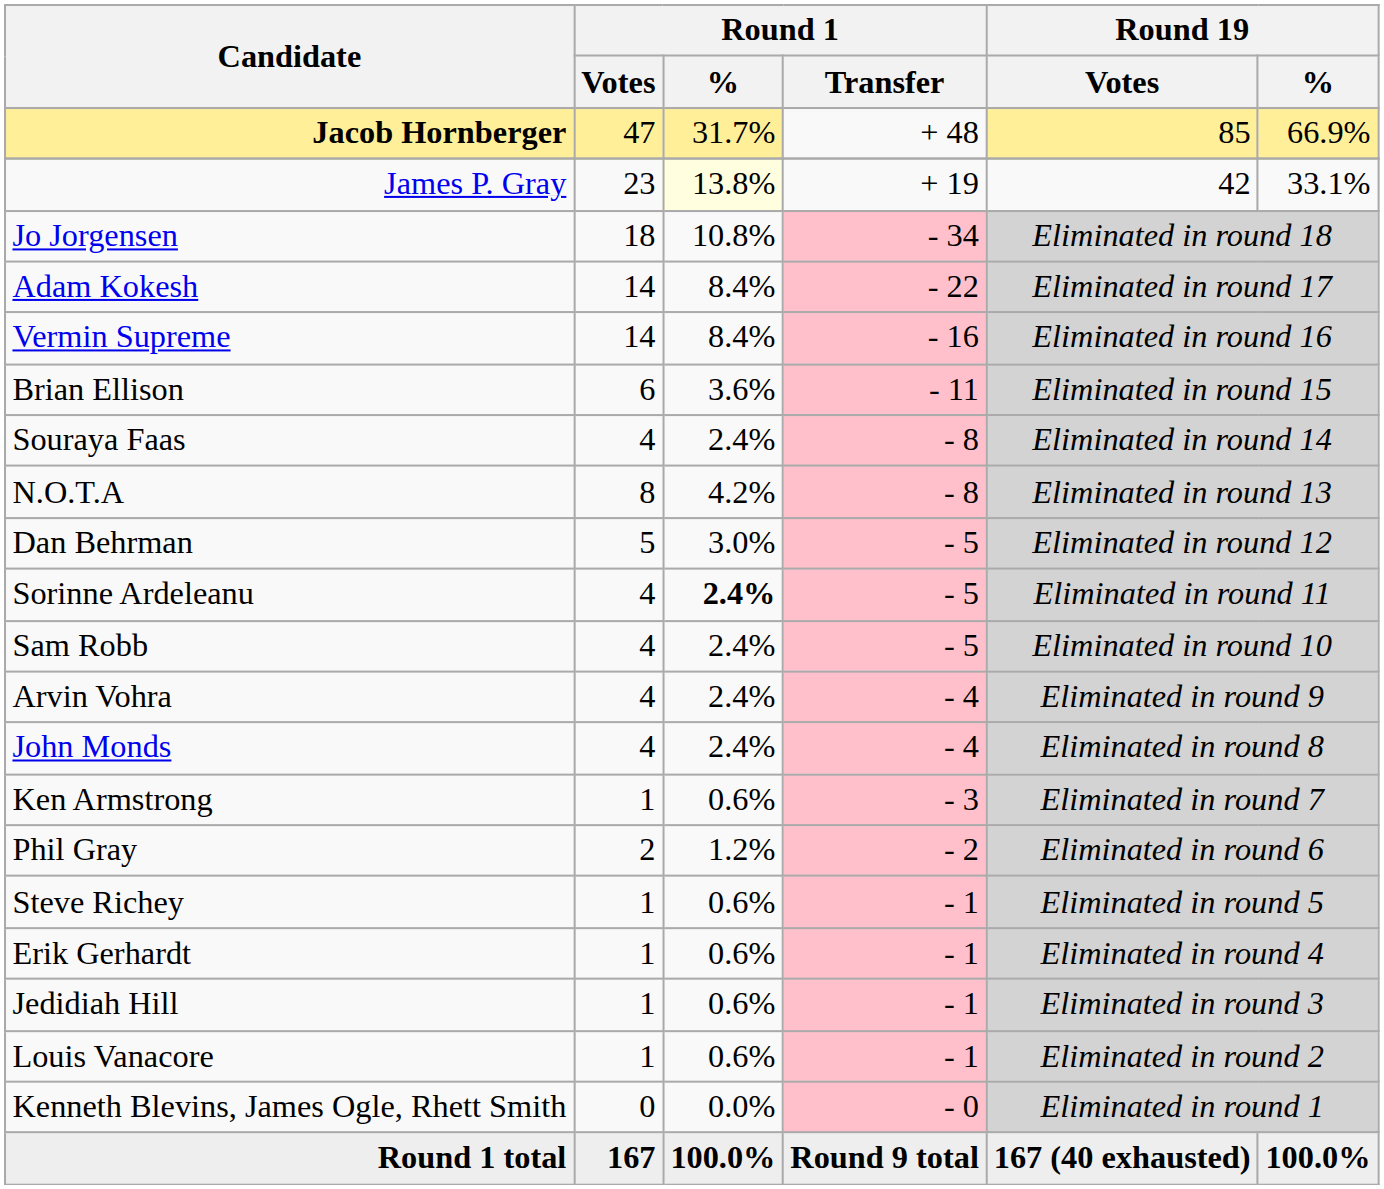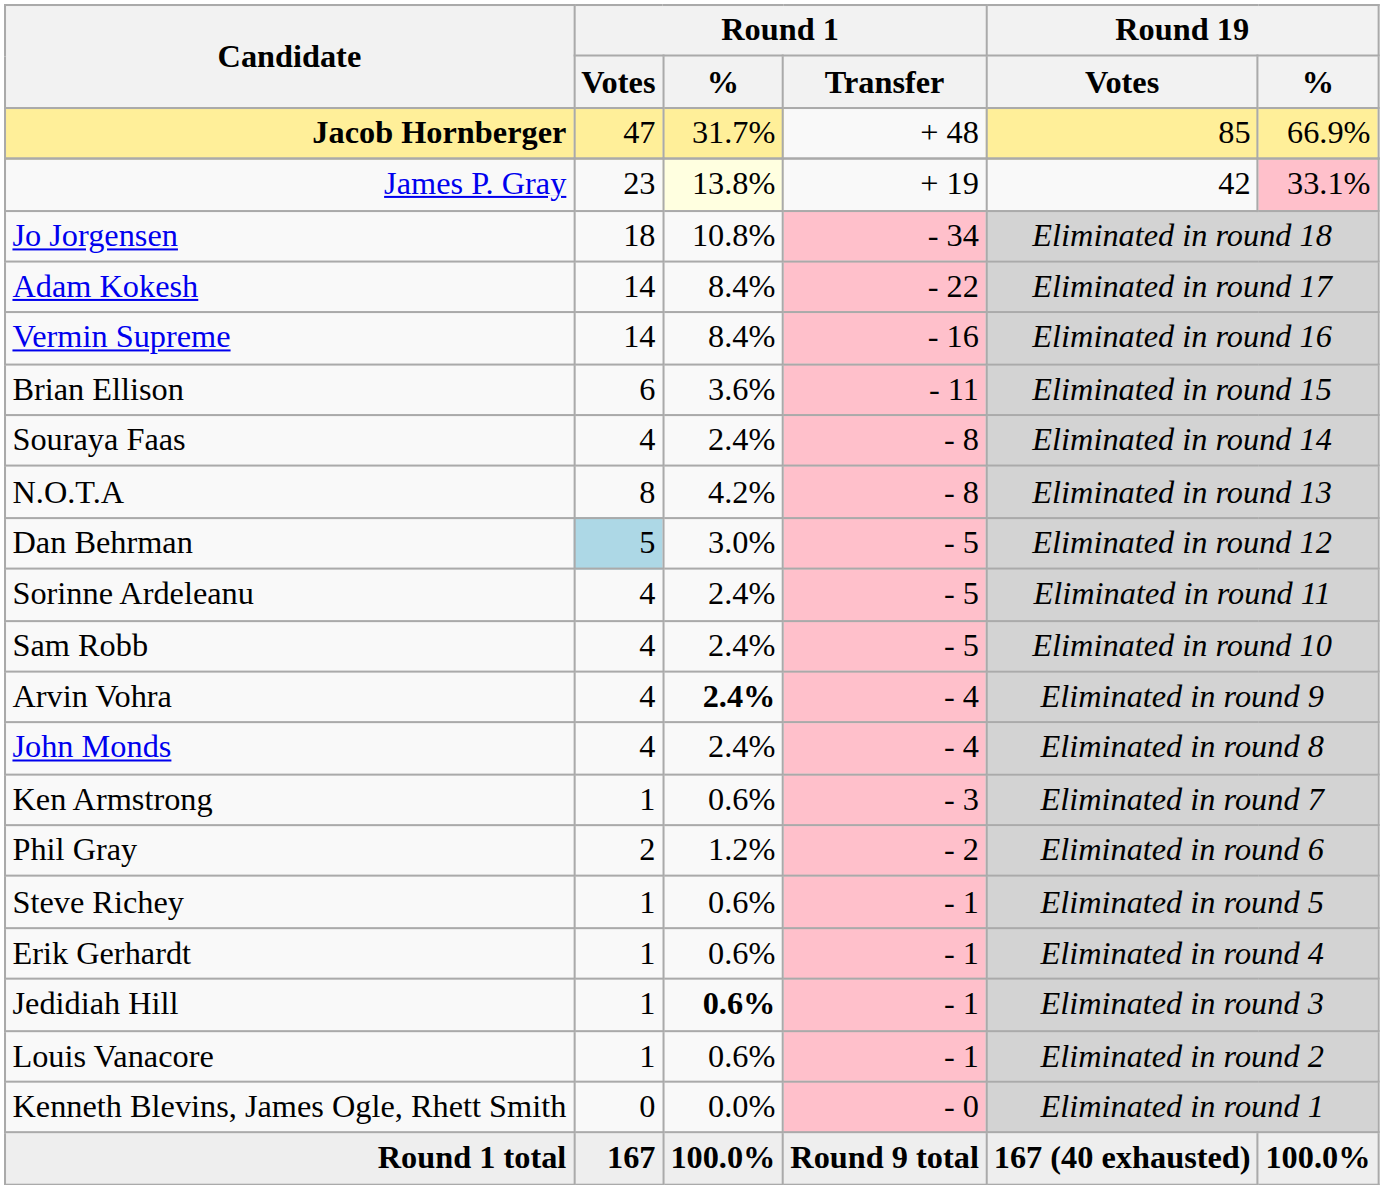 <table class="wikitable" style="text-align:right;">
 <tr>
 <th rowspan="2">Candidate</th>
 <th colspan="3">Round 1</th>
 <th colspan="3">Round 19</th>
 </tr>
 <tr>
 <th>Votes</th>
 <th>%</th>
 <th>Transfer</th>
 <th>Votes</th>
 <th>%</th>
 </tr>
 <tr>
 <td style="background:#ffef99;"><strong>Jacob Hornberger</strong></td>
 <td style="background:#ffef99;">47</td>
 <td style="background:#ffef99;">31.7%</td>
 <td>+ 48</td>
 <td style="background:#ffef99;">85</td>
 <td style="background:#ffef99;">66.9%</td>
 </tr>
 <tr>
 </tr>
 <tr>
 <td><a href='#'>James P. Gray</a></td>
 <td>23</td>
 <td style="background: lightyellow;">13.8%</td>
 <td>+ 19</td>
 <td>42</td>
-<td>33.1%</td>
+<td style="background: pink;">33.1%</td>
 </tr>
 <tr>
 <td style="text-align:left;"><a href='#'>Jo Jorgensen</a></td>
 <td>18</td>
 <td>10.8%</td>
 <td BGCOLOR=pink>- 34</td>
 <td colspan="8" bgcolor="lightgray" align="center"><em>Eliminated in round 18</em></td>
 </tr>
 <tr>
 <td style="text-align:left;"><a href='#'>Adam Kokesh</a></td>
 <td>14</td>
 <td>8.4%</td>
 <td BGCOLOR=pink>- 22</td>
 <td colspan="8" bgcolor="lightgray" align="center"><em>Eliminated in round 17</em></td>
 </tr>
 <tr>
 <td style="text-align:left;"><a href='#'>Vermin Supreme</a></td>
 <td>14</td>
 <td>8.4%</td>
 <td BGCOLOR=pink>- 16</td>
 <td colspan="8" bgcolor="lightgray" align="center"><em>Eliminated in round 16</em></td>
 </tr>
 <tr>
 <td style="text-align:left;">Brian Ellison</td>
 <td>6</td>
 <td>3.6%</td>
 <td BGCOLOR=pink>- 11</td>
 <td colspan="8" bgcolor="lightgray" align="center"><em>Eliminated in round 15</em></td>
 </tr>
 <tr>
 <td style="text-align:left;">Souraya Faas</td>
 <td>4</td>
 <td>2.4%</td>
 <td BGCOLOR=pink>- 8</td>
 <td colspan="8" bgcolor="lightgray" align="center"><em>Eliminated in round 14</em></td>
 </tr>
 <tr>
 <td style="text-align:left;">N.O.T.A</td>
 <td>8</td>
 <td>4.2%</td>
 <td BGCOLOR=pink>- 8</td>
 <td colspan="8" bgcolor="lightgray" align="center"><em>Eliminated in round 13</em></td>
 </tr>
 <tr>
 <td style="text-align:left;">Dan Behrman</td>
-<td>5</td>
+<td style="background: lightblue;">5</td>
 <td>3.0%</td>
 <td BGCOLOR=pink>- 5</td>
 <td colspan="8" bgcolor="lightgray" align="center"><em>Eliminated in round 12</em></td>
 </tr>
 <tr>
 <td style="text-align:left;">Sorinne Ardeleanu</td>
 <td>4</td>
-<td><strong>2.4%</strong></td>
+<td>2.4%</td>
 <td BGCOLOR=pink>- 5</td>
 <td colspan="8" bgcolor="lightgray" align="center"><em>Eliminated in round 11</em></td>
 </tr>
 <tr>
 <td style="text-align:left;">Sam Robb</td>
 <td>4</td>
 <td>2.4%</td>
 <td BGCOLOR=pink>- 5</td>
 <td colspan="8" bgcolor="lightgray" align="center"><em>Eliminated in round 10</em></td>
 </tr>
 <tr>
 <td style="text-align:left;">Arvin Vohra</td>
 <td>4</td>
-<td>2.4%</td>
+<td><strong>2.4%</strong></td>
 <td BGCOLOR=pink>- 4</td>
 <td colspan="8" bgcolor="lightgray" align="center"><em>Eliminated in round 9</em></td>
 </tr>
 <tr>
 <td style="text-align:left;"><a href='#'>John Monds</a></td>
 <td>4</td>
 <td>2.4%</td>
 <td BGCOLOR=pink>- 4</td>
 <td colspan="8" bgcolor="lightgray" align="center"><em>Eliminated in round 8</em></td>
 </tr>
 <tr>
 <td style="text-align:left;">Ken Armstrong</td>
 <td>1</td>
 <td>0.6%</td>
 <td BGCOLOR=pink>- 3</td>
 <td colspan="8" bgcolor="lightgray" align="center"><em>Eliminated in round 7</em></td>
 </tr>
 <tr>
 <td style="text-align:left;">Phil Gray</td>
 <td>2</td>
 <td>1.2%</td>
 <td BGCOLOR=pink>- 2</td>
 <td colspan="8" bgcolor="lightgray" align="center"><em>Eliminated in round 6</em></td>
 </tr>
 <tr>
 <td style="text-align:left;">Steve Richey</td>
 <td>1</td>
 <td>0.6%</td>
 <td BGCOLOR=pink>- 1</td>
 <td colspan="8" bgcolor="lightgray" align="center"><em>Eliminated in round 5</em></td>
 </tr>
 <tr>
 <td style="text-align:left;">Erik Gerhardt</td>
 <td>1</td>
 <td>0.6%</td>
 <td BGCOLOR=pink>- 1</td>
 <td colspan="8" bgcolor="lightgray" align="center"><em>Eliminated in round 4</em></td>
 </tr>
 <tr>
 <td style="text-align:left;">Jedidiah Hill</td>
 <td>1</td>
-<td>0.6%</td>
+<td><strong>0.6%</strong></td>
 <td BGCOLOR=pink>- 1</td>
 <td colspan="8" bgcolor="lightgray" align="center"><em>Eliminated in round 3</em></td>
 </tr>
 <tr>
 <td style="text-align:left;">Louis Vanacore</td>
 <td>1</td>
 <td>0.6%</td>
 <td BGCOLOR=pink>- 1</td>
 <td colspan="8" bgcolor="lightgray" align="center"><em>Eliminated in round 2</em></td>
 </tr>
 <tr>
 <td style="text-align:left;">Kenneth Blevins, James Ogle, Rhett Smith</td>
 <td>0</td>
 <td>0.0%</td>
 <td BGCOLOR=pink>- 0</td>
 <td colspan="8" bgcolor="lightgray" align="center"><em>Eliminated in round 1</em></td>
 </tr>
 <tr style="background:#eee;">
 <td style="margin-right:0.50px"><strong>Round 1 total</strong></td>
 <td style="margin-right:0.50px"><strong>167</strong></td>
 <td style="margin-right:0.50px"><strong>100.0%</strong></td>
 <td style="margin-right:0.50px"><strong>Round 9 total</strong></td>
 <td style="margin-right:0.50px"><strong>167 (40 exhausted)</strong></td>
 <td style="margin-right:0.50px"><strong>100.0%</strong></td>
 </tr>
 </table>
